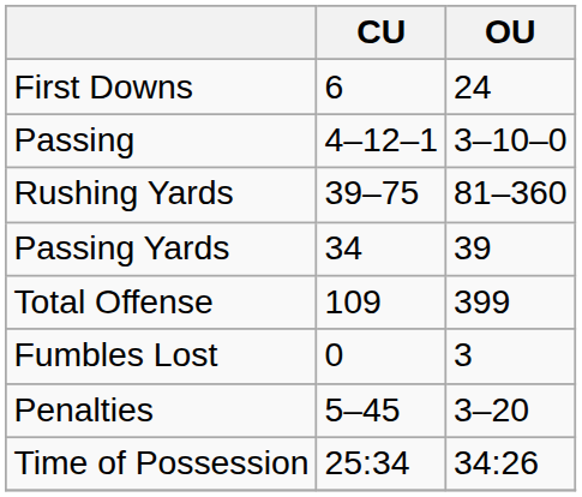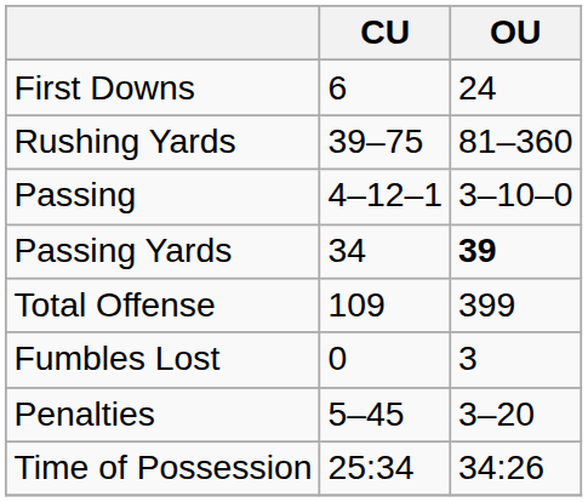 <table class="wikitable">
 <tr>
 <th></th>
 <th>CU</th>
 <th>OU</th>
 </tr>
 <tr>
 <td>First Downs</td>
 <td>6</td>
 <td>24</td>
 </tr>
 <tr>
+<td>Rushing Yards</td>
+<td>39–75</td>
+<td>81–360</td>
+</tr>
+<tr>
 <td>Passing</td>
 <td>4–12–1</td>
 <td>3–10–0</td>
 </tr>
 <tr>
-<td>Rushing Yards</td>
-<td>39–75</td>
-<td>81–360</td>
-</tr>
-<tr>
 <td>Passing Yards</td>
 <td>34</td>
-<td>39</td>
+<td><strong>39</strong></td>
 </tr>
 <tr>
 <td>Total Offense</td>
 <td>109</td>
 <td>399</td>
 </tr>
 <tr>
 <td>Fumbles Lost</td>
 <td>0</td>
 <td>3</td>
 </tr>
 <tr>
 <td>Penalties</td>
 <td>5–45</td>
 <td>3–20</td>
 </tr>
 <tr>
 <td>Time of Possession</td>
 <td>25:34</td>
 <td>34:26</td>
 </tr>
 <tr>
 </tr>
 </table>
